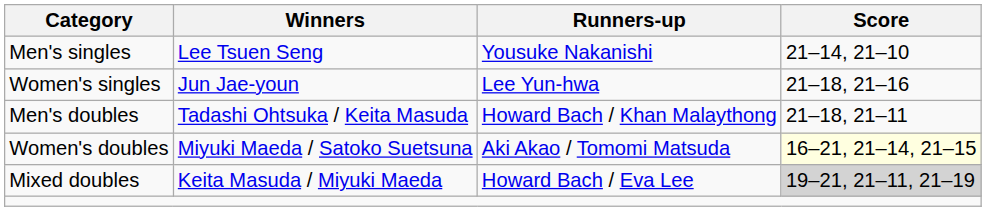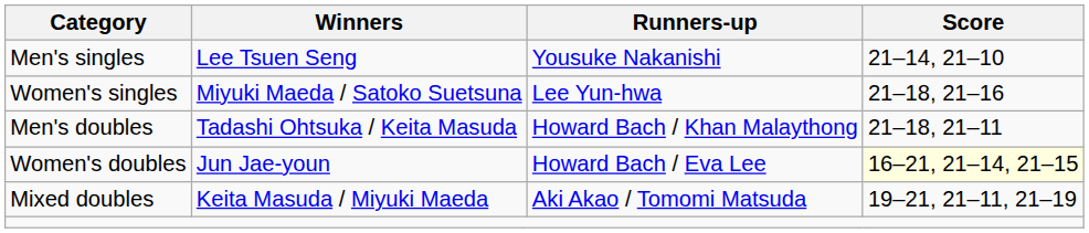 <table class=wikitable style="white-space:nowrap;">
 <tr>
 <th>Category</th>
 <th>Winners</th>
 <th>Runners-up</th>
 <th>Score</th>
 </tr>
 <tr>
 <td>Men's singles</td>
 <td> <a href='#'>Lee Tsuen Seng</a></td>
 <td> <a href='#'>Yousuke Nakanishi</a></td>
 <td>21–14, 21–10</td>
 </tr>
 <tr>
 <td>Women's singles</td>
-<td> <a href='#'>Jun Jae-youn</a></td>
+<td> <a href='#'>Miyuki Maeda</a> / <a href='#'>Satoko Suetsuna</a></td>
 <td> <a href='#'>Lee Yun-hwa</a></td>
 <td>21–18, 21–16</td>
 </tr>
 <tr>
 <td>Men's doubles</td>
 <td> <a href='#'>Tadashi Ohtsuka</a> / <a href='#'>Keita Masuda</a></td>
 <td> <a href='#'>Howard Bach</a> / <a href='#'>Khan Malaythong</a></td>
 <td>21–18, 21–11</td>
 </tr>
 <tr>
 <td>Women's doubles</td>
-<td> <a href='#'>Miyuki Maeda</a> / <a href='#'>Satoko Suetsuna</a></td>
-<td> <a href='#'>Aki Akao</a> / <a href='#'>Tomomi Matsuda</a></td>
+<td> <a href='#'>Jun Jae-youn</a></td>
+<td> <a href='#'>Howard Bach</a> / <a href='#'>Eva Lee</a></td>
 <td style="background: lightyellow;">16–21, 21–14, 21–15</td>
 </tr>
 <tr>
 <td>Mixed doubles</td>
 <td> <a href='#'>Keita Masuda</a> / <a href='#'>Miyuki Maeda</a></td>
-<td> <a href='#'>Howard Bach</a> / <a href='#'>Eva Lee</a></td>
-<td style="background: lightgrey;">19–21, 21–11, 21–19</td>
+<td> <a href='#'>Aki Akao</a> / <a href='#'>Tomomi Matsuda</a></td>
+<td>19–21, 21–11, 21–19</td>
 </tr>
 <tr>
 <td colspan=5 align=center></td>
 </tr>
 </table>
